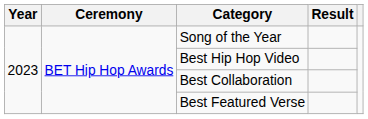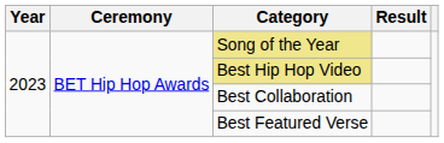 <table class="wikitable sortable plainrowheaders">
 <tr>
 <th scope="col">Year</th>
 <th scope="col">Ceremony</th>
 <th scope="col">Category</th>
 <th scope="col">Result</th>
 <th scope="col" class="unsortable"></th>
 </tr>
 <tr>
 <td rowspan=4>2023</td>
 <td rowspan=4><a href='#'>BET Hip Hop Awards</a></td>
-<td>Song of the Year</td>
+<td style="background: khaki;">Song of the Year</td>
 <td></td>
 <td rowspan=4 style="text-align:center"></td>
 </tr>
 <tr>
-<td>Best Hip Hop Video</td>
+<td style="background: khaki;">Best Hip Hop Video</td>
 <td></td>
 </tr>
 <tr>
 <td>Best Collaboration</td>
 <td></td>
 </tr>
 <tr>
 <td>Best Featured Verse</td>
 <td></td>
 </tr>
 </table>
